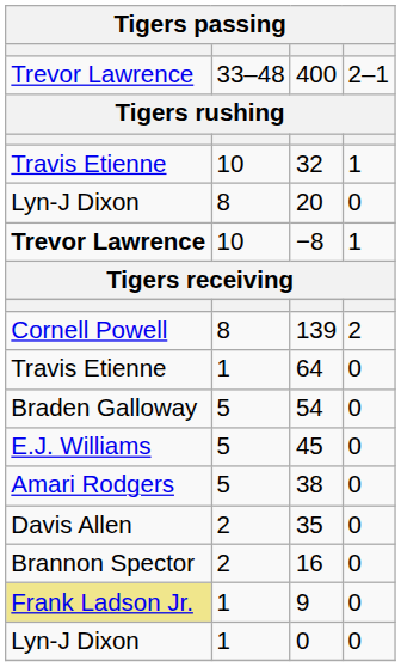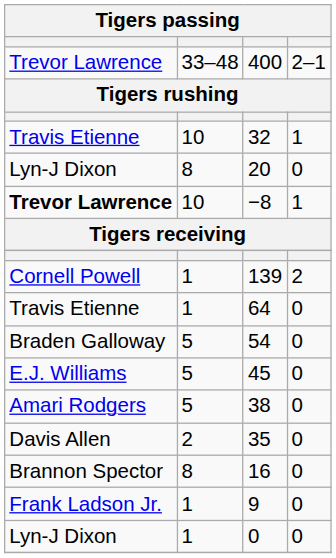 <table class="wikitable plainrowheaders">
 <tr>
 <th colspan="6">Tigers passing</th>
 </tr>
 <tr>
 <th scope="col"></th>
 <th scope="col"></th>
 <th scope="col"></th>
 <th scope="col"></th>
 </tr>
 <tr>
 <td><a href='#'>Trevor Lawrence</a></td>
 <td>33–48</td>
 <td>400</td>
 <td>2–1</td>
 </tr>
 <tr>
 <th colspan="6">Tigers rushing</th>
 </tr>
 <tr>
 <th scope="col"></th>
 <th scope="col"></th>
 <th scope="col"></th>
 <th scope="col"></th>
 </tr>
 <tr>
 <td><a href='#'>Travis Etienne</a></td>
 <td>10</td>
 <td>32</td>
 <td>1</td>
 </tr>
 <tr>
 <td>Lyn-J Dixon</td>
 <td>8</td>
 <td>20</td>
 <td>0</td>
 </tr>
 <tr>
 <td><strong>Trevor Lawrence</strong></td>
 <td>10</td>
 <td>−8</td>
 <td>1</td>
 </tr>
 <tr>
 <th colspan="6">Tigers receiving</th>
 </tr>
 <tr>
 </tr>
 <tr>
 <th scope="col"></th>
 <th scope="col"></th>
 <th scope="col"></th>
 <th scope="col"></th>
 </tr>
 <tr>
 <td><a href='#'>Cornell Powell</a></td>
-<td>8</td>
+<td>1</td>
 <td>139</td>
 <td>2</td>
 </tr>
 <tr>
 <td>Travis Etienne</td>
 <td>1</td>
 <td>64</td>
 <td>0</td>
 </tr>
 <tr>
 <td>Braden Galloway</td>
 <td>5</td>
 <td>54</td>
 <td>0</td>
 </tr>
 <tr>
 <td><a href='#'>E.J. Williams</a></td>
 <td>5</td>
 <td>45</td>
 <td>0</td>
 </tr>
 <tr>
 <td><a href='#'>Amari Rodgers</a></td>
 <td>5</td>
 <td>38</td>
 <td>0</td>
 </tr>
 <tr>
 <td>Davis Allen</td>
 <td>2</td>
 <td>35</td>
 <td>0</td>
 </tr>
 <tr>
 <td>Brannon Spector</td>
-<td>2</td>
+<td>8</td>
 <td>16</td>
 <td>0</td>
 </tr>
 <tr>
-<td style="background: khaki;"><a href='#'>Frank Ladson Jr.</a></td>
+<td><a href='#'>Frank Ladson Jr.</a></td>
 <td>1</td>
 <td>9</td>
 <td>0</td>
 </tr>
 <tr>
 <td>Lyn-J Dixon</td>
 <td>1</td>
 <td>0</td>
 <td>0</td>
 </tr>
 <tr>
 </tr>
 </table>
